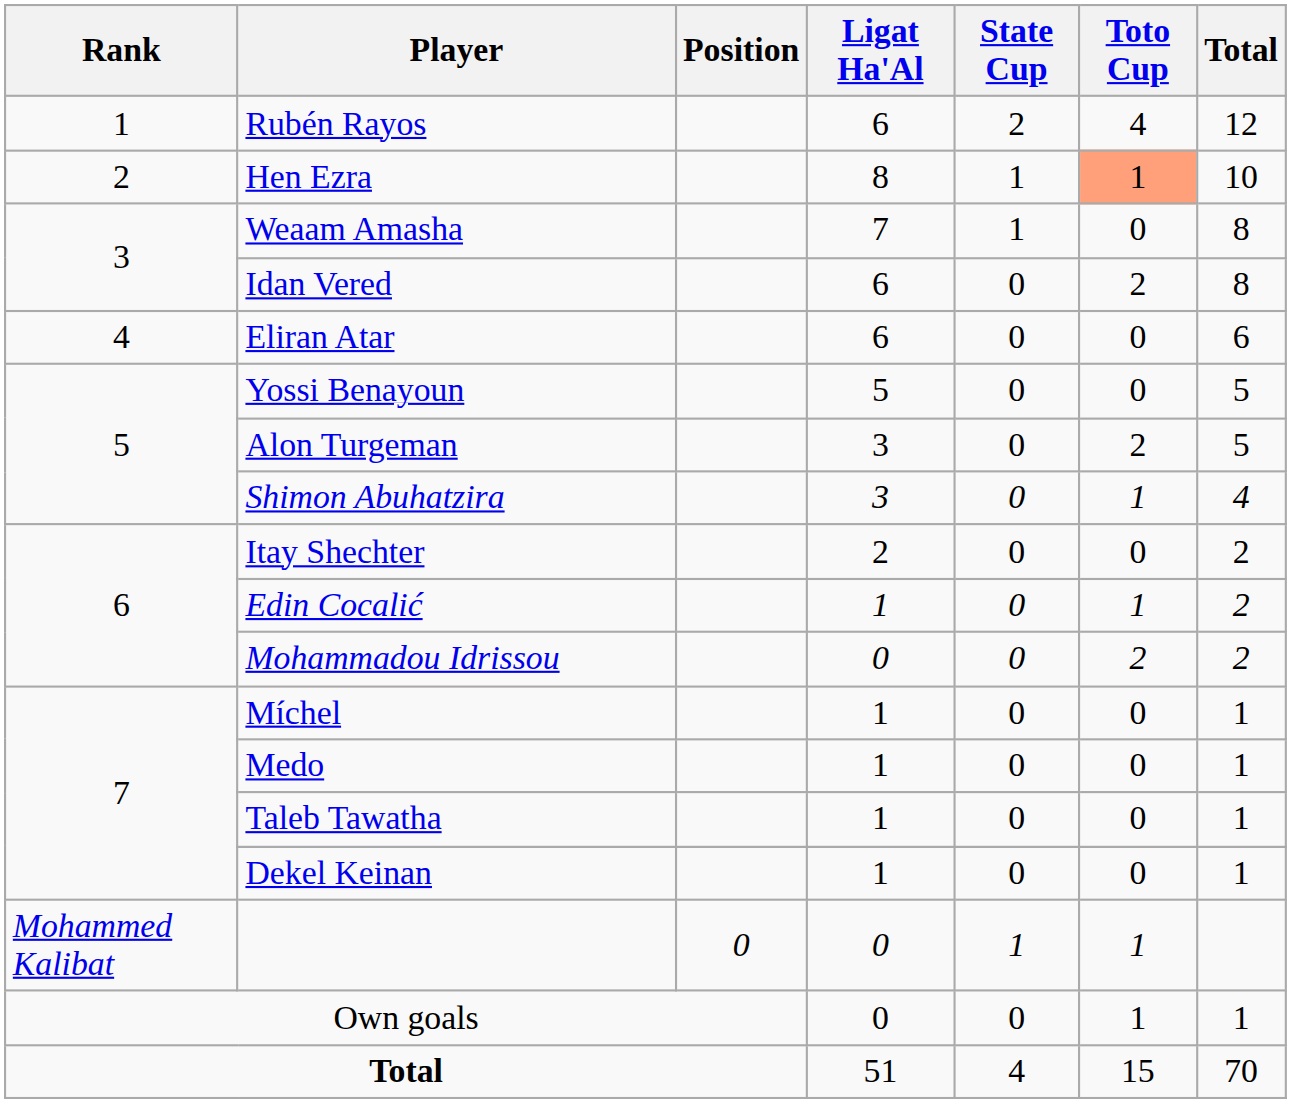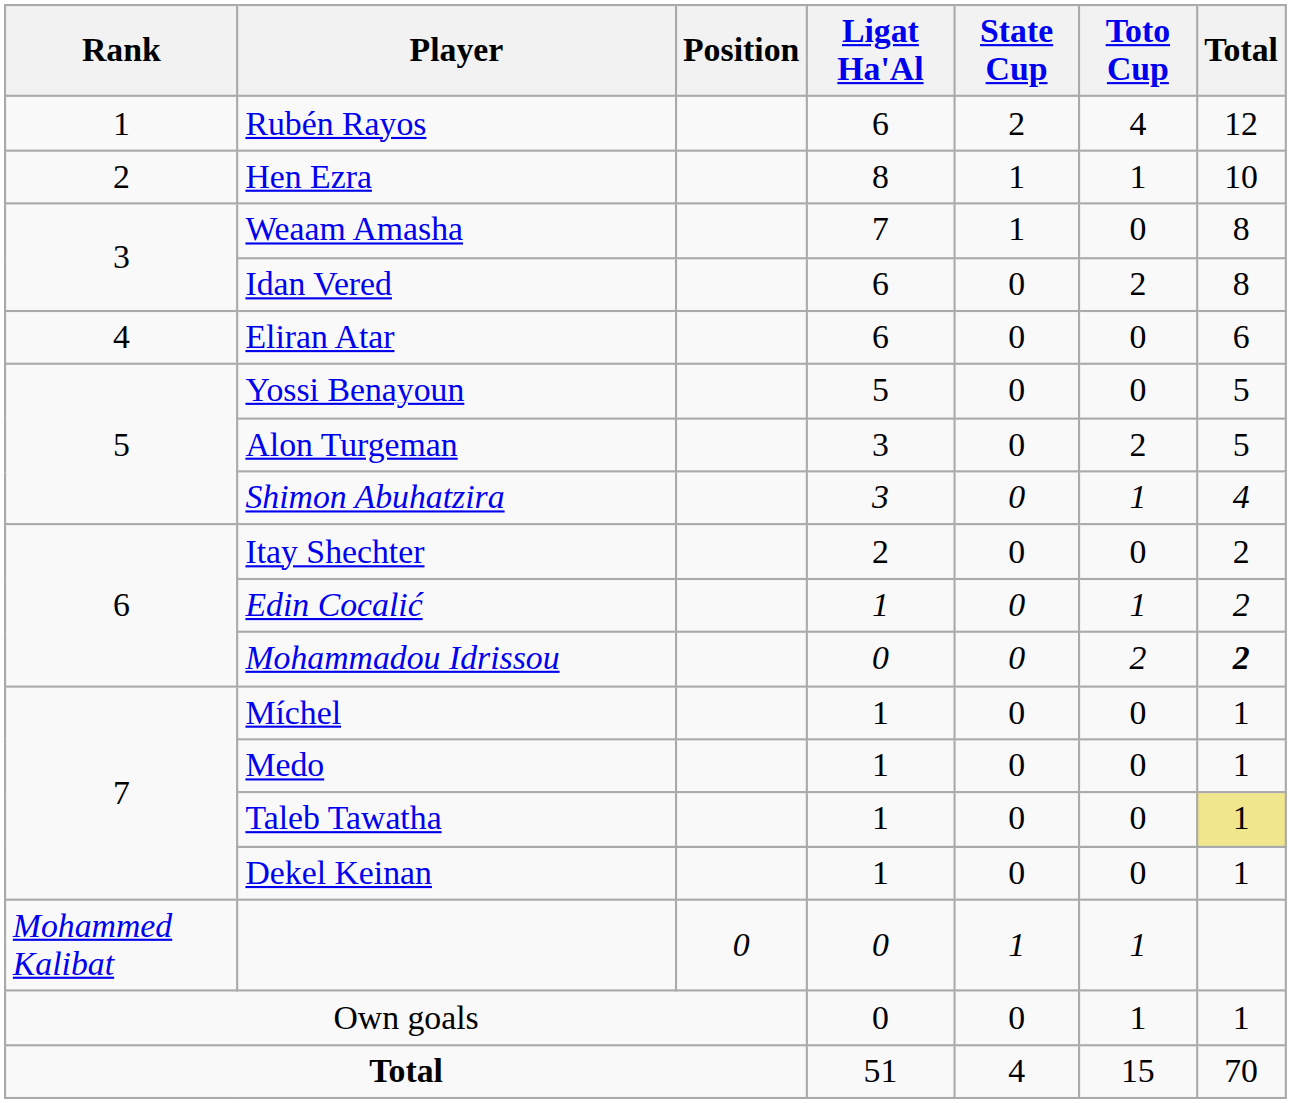 <table class="wikitable">
 <tr>
 <th>Rank</th>
 <th style="width:200px;">Player</th>
 <th>Position</th>
 <th><a href='#'>Ligat Ha'Al</a></th>
 <th><a href='#'>State Cup</a></th>
 <th><a href='#'>Toto Cup</a></th>
 <th>Total</th>
 </tr>
 <tr>
 <td align=center>1</td>
 <td> <a href='#'>Rubén Rayos</a></td>
 <td align=center></td>
 <td align=center>6</td>
 <td align=center>2</td>
 <td align=center>4</td>
 <td align=center>12</td>
 </tr>
 <tr>
 <td align=center>2</td>
 <td> <a href='#'>Hen Ezra</a></td>
 <td align=center></td>
 <td align=center>8</td>
 <td align=center>1</td>
-<td align=center style="background: lightsalmon;">1</td>
+<td align=center>1</td>
 <td align=center>10</td>
 </tr>
 <tr>
 <td align=center rowspan=2>3</td>
 <td> <a href='#'>Weaam Amasha</a></td>
 <td align=center></td>
 <td align=center>7</td>
 <td align=center>1</td>
 <td align=center>0</td>
 <td align=center>8</td>
 </tr>
 <tr>
 <td> <a href='#'>Idan Vered</a></td>
 <td align=center></td>
 <td align=center>6</td>
 <td align=center>0</td>
 <td align=center>2</td>
 <td align=center>8</td>
 </tr>
 <tr>
 <td align=center>4</td>
 <td> <a href='#'>Eliran Atar</a></td>
 <td align=center></td>
 <td align=center>6</td>
 <td align=center>0</td>
 <td align=center>0</td>
 <td align=center>6</td>
 </tr>
 <tr>
 <td align=center rowspan=3>5</td>
 <td> <a href='#'>Yossi Benayoun</a></td>
 <td align=center></td>
 <td align=center>5</td>
 <td align=center>0</td>
 <td align=center>0</td>
 <td align=center>5</td>
 </tr>
 <tr>
 <td> <a href='#'>Alon Turgeman</a></td>
 <td align=center></td>
 <td align=center>3</td>
 <td align=center>0</td>
 <td align=center>2</td>
 <td align=center>5</td>
 </tr>
 <tr>
 <td> <em><a href='#'>Shimon Abuhatzira</a></em></td>
 <td align=center><em></em></td>
 <td align=center><em>3</em></td>
 <td align=center><em>0</em></td>
 <td align=center><em>1</em></td>
 <td align=center><em>4</em></td>
 </tr>
 <tr>
 <td align=center rowspan=3>6</td>
 <td> <a href='#'>Itay Shechter</a></td>
 <td align=center></td>
 <td align=center>2</td>
 <td align=center>0</td>
 <td align=center>0</td>
 <td align=center>2</td>
 </tr>
 <tr>
 <td> <em><a href='#'>Edin Cocalić</a></em></td>
 <td align=center><em></em></td>
 <td align=center><em>1</em></td>
 <td align=center><em>0</em></td>
 <td align=center><em>1</em></td>
 <td align=center><em>2</em></td>
 </tr>
 <tr>
 <td> <em><a href='#'>Mohammadou Idrissou</a></em></td>
 <td align=center><em></em></td>
 <td align=center><em>0</em></td>
 <td align=center><em>0</em></td>
 <td align=center><em>2</em></td>
-<td align=center><em>2</em></td>
+<td align=center><strong><em>2</em></strong></td>
 </tr>
 <tr>
 <td align=center rowspan=5>7</td>
 <td> <a href='#'>Míchel</a></td>
 <td align=center></td>
 <td align=center>1</td>
 <td align=center>0</td>
 <td align=center>0</td>
 <td align=center>1</td>
 </tr>
 <tr>
 <td> <a href='#'>Medo</a></td>
 <td align=center></td>
 <td align=center>1</td>
 <td align=center>0</td>
 <td align=center>0</td>
 <td align=center>1</td>
 </tr>
 <tr>
 <td> <a href='#'>Taleb Tawatha</a></td>
 <td align=center></td>
 <td align=center>1</td>
 <td align=center>0</td>
 <td align=center>0</td>
-<td align=center>1</td>
+<td align=center style="background: khaki;">1</td>
 </tr>
 <tr>
 </tr>
 <tr>
 <td> <a href='#'>Dekel Keinan</a></td>
 <td align=center></td>
 <td align=center>1</td>
 <td align=center>0</td>
 <td align=center>0</td>
 <td align=center>1</td>
 </tr>
 <tr>
 <td> <em><a href='#'>Mohammed Kalibat</a></em></td>
 <td align=center><em></em></td>
 <td align=center><em>0</em></td>
 <td align=center><em>0</em></td>
 <td align=center><em>1</em></td>
 <td align=center><em>1</em></td>
 </tr>
 <tr>
 <td align=center colspan=3>Own goals</td>
 <td align=center>0</td>
 <td align=center>0</td>
 <td align=center>1</td>
 <td align=center>1</td>
 </tr>
 <tr>
 <td align=center colspan=3><strong>Total</strong></td>
 <td align=center>51</td>
 <td align=center>4</td>
 <td align=center>15</td>
 <td align=center>70</td>
 </tr>
 <tr>
 </tr>
 </table>
